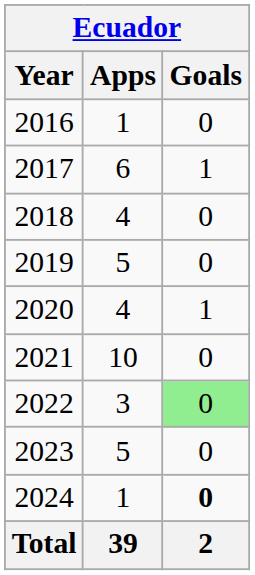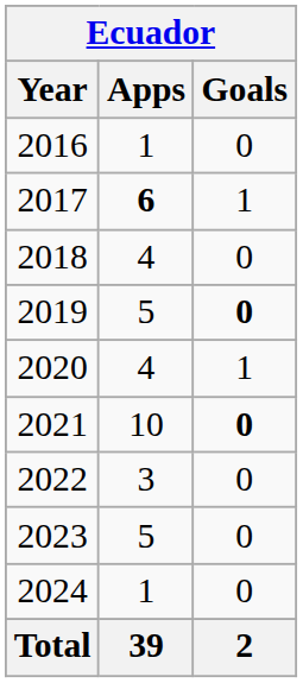 <table class="wikitable" style="text-align:center">
 <tr>
 <th colspan=3><a href='#'>Ecuador</a></th>
 </tr>
 <tr>
 <th>Year</th>
 <th>Apps</th>
 <th>Goals</th>
 </tr>
 <tr>
 <td>2016</td>
 <td>1</td>
 <td>0</td>
 </tr>
 <tr>
 <td>2017</td>
-<td>6</td>
+<td><strong>6</strong></td>
 <td>1</td>
 </tr>
 <tr>
 <td>2018</td>
 <td>4</td>
 <td>0</td>
 </tr>
 <tr>
 <td>2019</td>
 <td>5</td>
-<td>0</td>
+<td><strong>0</strong></td>
 </tr>
 <tr>
 <td>2020</td>
 <td>4</td>
 <td>1</td>
 </tr>
 <tr>
 <td>2021</td>
 <td>10</td>
-<td>0</td>
+<td><strong>0</strong></td>
 </tr>
 <tr>
 <td>2022</td>
 <td>3</td>
-<td style="background: lightgreen;">0</td>
+<td>0</td>
 </tr>
 <tr>
 <td>2023</td>
 <td>5</td>
 <td>0</td>
 </tr>
 <tr>
 <td>2024</td>
 <td>1</td>
-<td><strong>0</strong></td>
+<td>0</td>
 </tr>
 <tr>
 <th>Total</th>
 <th>39</th>
 <th>2</th>
 </tr>
 </table>
